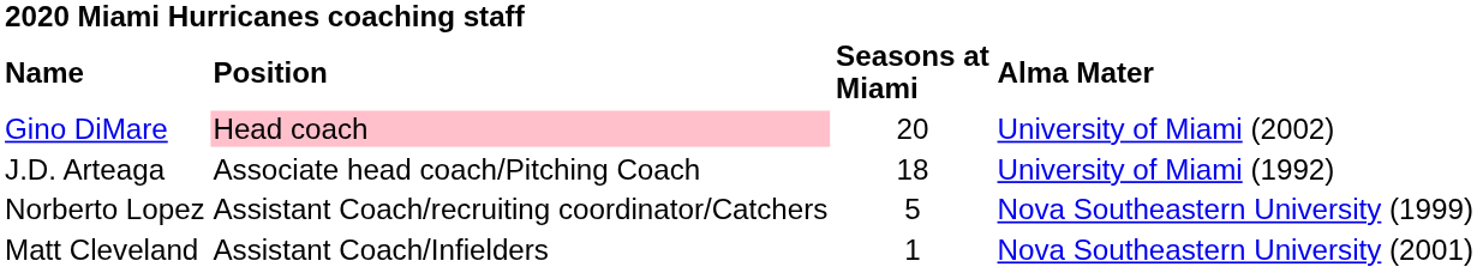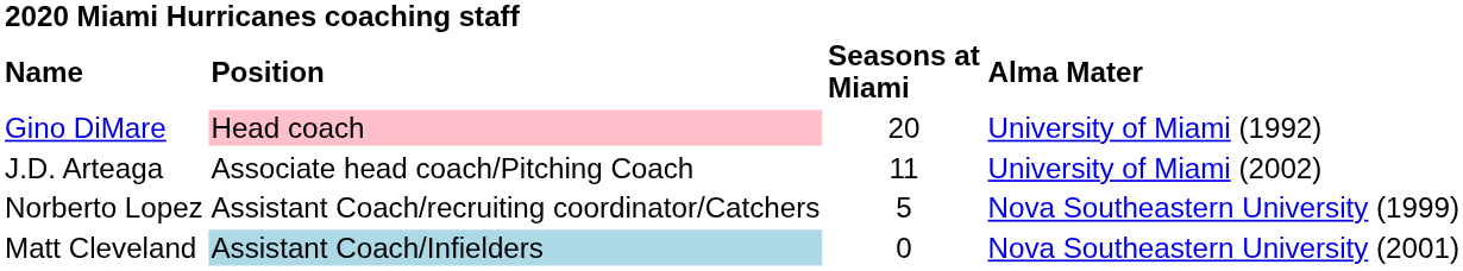 <table class="toccolours" style="text-align: left; font-size:90%;">
 <tr>
 <th colspan="9">2020 Miami Hurricanes coaching staff</th>
 </tr>
 <tr>
 <th>Name</th>
 <th>Position</th>
 <th>Seasons at<br>Miami</th>
 <th>Alma Mater</th>
 </tr>
 <tr>
 <td><a href='#'>Gino DiMare</a></td>
 <td style="background: pink;">Head coach</td>
 <td align=center>20</td>
-<td><a href='#'>University of Miami</a> (2002)</td>
+<td><a href='#'>University of Miami</a> (1992)</td>
 </tr>
 <tr>
 <td>J.D. Arteaga</td>
 <td>Associate head coach/Pitching Coach</td>
-<td align=center>18</td>
-<td><a href='#'>University of Miami</a> (1992)</td>
+<td align=center>11</td>
+<td><a href='#'>University of Miami</a> (2002)</td>
 </tr>
 <tr>
 <td>Norberto Lopez</td>
 <td>Assistant Coach/recruiting coordinator/Catchers</td>
 <td align=center>5</td>
 <td><a href='#'>Nova Southeastern University</a> (1999)</td>
 </tr>
 <tr>
 <td>Matt Cleveland</td>
-<td>Assistant Coach/Infielders</td>
-<td align=center>1</td>
+<td style="background: lightblue;">Assistant Coach/Infielders</td>
+<td align=center>0</td>
 <td><a href='#'>Nova Southeastern University</a> (2001)</td>
 </tr>
 </table>
